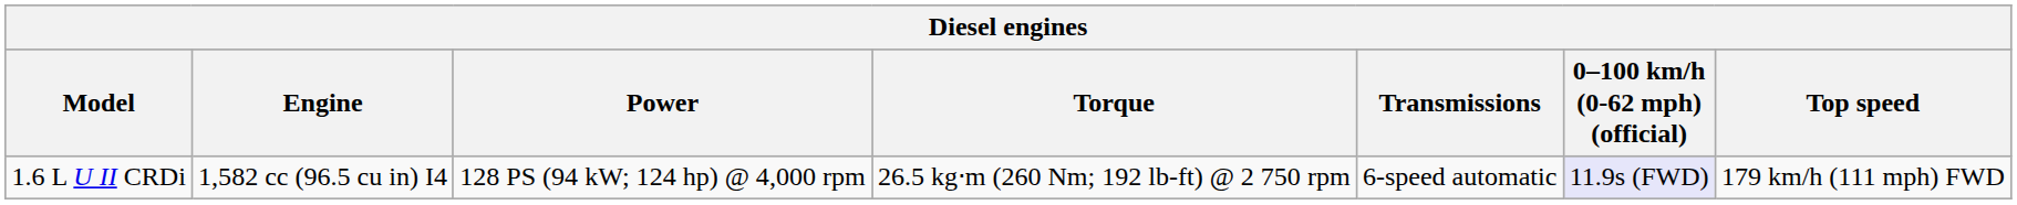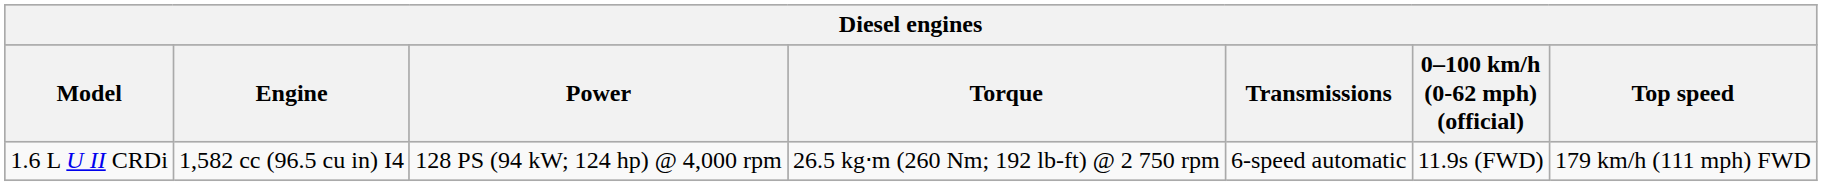 <table class="wikitable" style="text-align:left; font-size:90%;">
 <tr>
 <th colspan="7" style="text-align:center">Diesel engines</th>
 </tr>
 <tr>
 <th>Model</th>
 <th>Engine</th>
 <th>Power</th>
 <th>Torque</th>
 <th>Transmissions</th>
 <th>0–100 km/h<br>(0-62 mph)<br>(official)</th>
 <th>Top speed</th>
 </tr>
 <tr>
 <td>1.6 L <a href='#'><em>U II</em></a> CRDi</td>
 <td>1,582 cc (96.5 cu in) I4</td>
 <td>128 PS (94 kW; 124 hp) @ 4,000 rpm</td>
 <td>26.5 kg⋅m (260 Nm; 192 lb-ft) @ 2 750 rpm</td>
 <td>6-speed automatic</td>
-<td style="background: lavender;">11.9s (FWD)</td>
+<td>11.9s (FWD)</td>
 <td>179 km/h (111 mph) FWD</td>
 </tr>
 </table>
